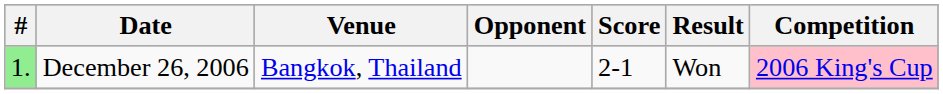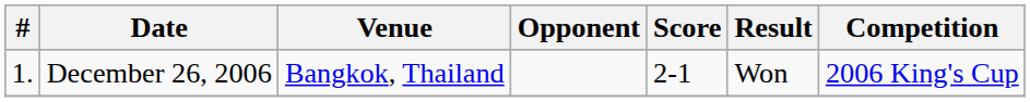 <table class="wikitable">
 <tr>
 <th>#</th>
 <th>Date</th>
 <th>Venue</th>
 <th>Opponent</th>
 <th>Score</th>
 <th>Result</th>
 <th>Competition</th>
 </tr>
 <tr>
-<td style="background: lightgreen;">1.</td>
+<td>1.</td>
 <td>December 26, 2006</td>
 <td><a href='#'>Bangkok</a>, <a href='#'>Thailand</a></td>
 <td></td>
 <td>2-1</td>
 <td>Won</td>
-<td style="background: pink;"><a href='#'>2006 King's Cup</a></td>
+<td><a href='#'>2006 King's Cup</a></td>
 </tr>
 <tr>
 </tr>
 </table>
